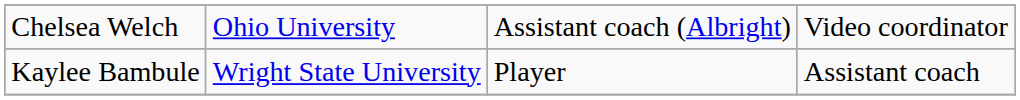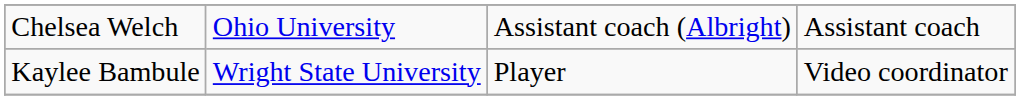 <table class="wikitable sortable" border="1">
 <tr align=center>
 </tr>
 <tr>
 <td>Chelsea Welch</td>
 <td><a href='#'>Ohio University</a></td>
 <td>Assistant coach (<a href='#'>Albright</a>)</td>
-<td>Video coordinator</td>
+<td>Assistant coach</td>
 </tr>
 <tr>
 <td>Kaylee Bambule</td>
 <td><a href='#'>Wright State University</a></td>
 <td>Player</td>
-<td>Assistant coach</td>
+<td>Video coordinator</td>
 </tr>
 <tr>
 </tr>
 </table>
